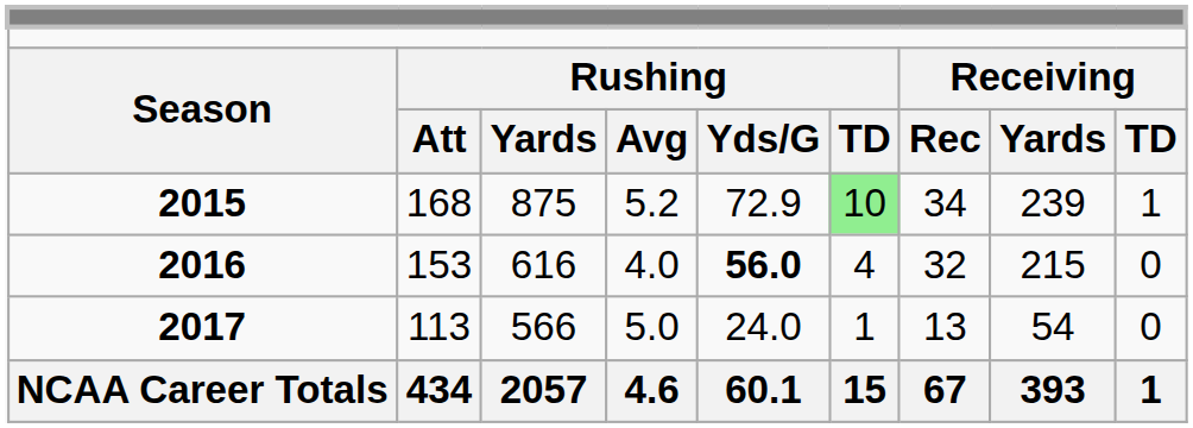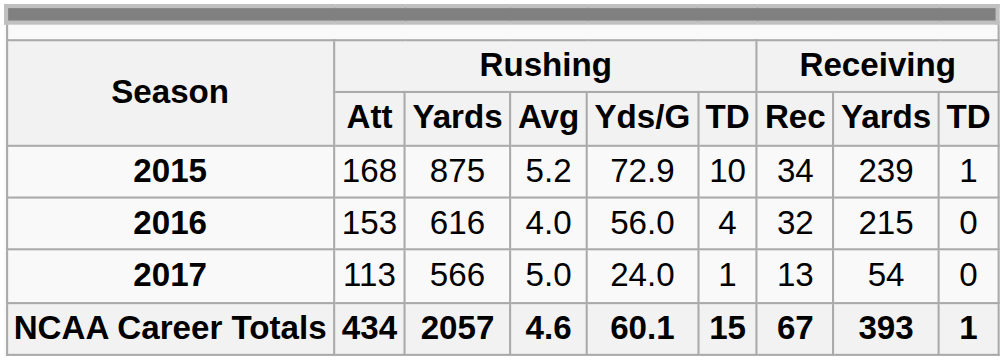 <table class=wikitable style="text-align:center;">
 <tr>
 <td ! colspan="10" style="background:gray; border:2px solid silver; color:white;"></td>
 </tr>
 <tr>
 <td ! colspan="10"></td>
 </tr>
 <tr>
 <th rowspan=2>Season</th>
 <th colspan=5>Rushing</th>
 <th colspan=3>Receiving</th>
 </tr>
 <tr>
 <th>Att</th>
 <th>Yards</th>
 <th>Avg</th>
 <th>Yds/G</th>
 <th>TD</th>
 <th>Rec</th>
 <th>Yards</th>
 <th>TD</th>
 </tr>
 <tr>
 <td><strong>2015</strong></td>
 <td>168</td>
 <td>875</td>
 <td>5.2</td>
 <td>72.9</td>
-<td style="background: lightgreen;">10</td>
+<td>10</td>
 <td>34</td>
 <td>239</td>
 <td>1</td>
 </tr>
 <tr>
 <td><strong>2016</strong></td>
 <td>153</td>
 <td>616</td>
 <td>4.0</td>
-<td><strong>56.0</strong></td>
+<td>56.0</td>
 <td>4</td>
 <td>32</td>
 <td>215</td>
 <td>0</td>
 </tr>
 <tr>
 <td><strong>2017</strong></td>
 <td>113</td>
 <td>566</td>
 <td>5.0</td>
 <td>24.0</td>
 <td>1</td>
 <td>13</td>
 <td>54</td>
 <td>0</td>
 </tr>
 <tr>
 <th>NCAA Career Totals</th>
 <th>434</th>
 <th>2057</th>
 <th>4.6</th>
 <th>60.1</th>
 <th>15</th>
 <th>67</th>
 <th>393</th>
 <th>1</th>
 </tr>
 </table>
